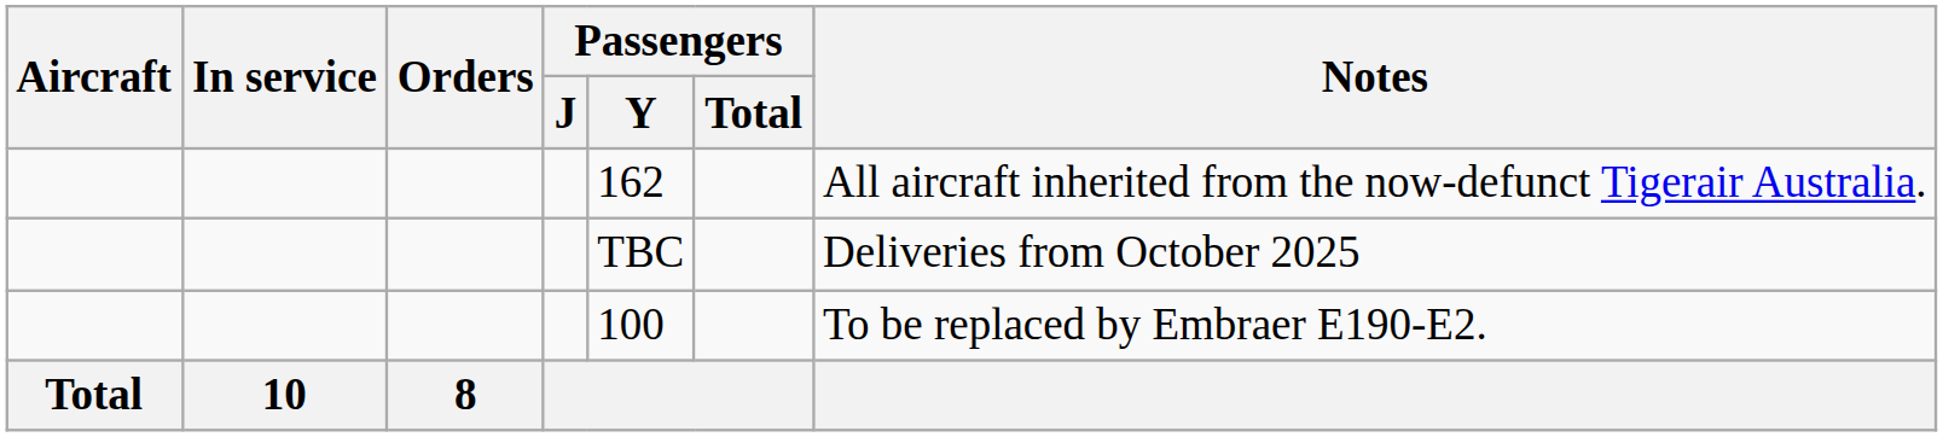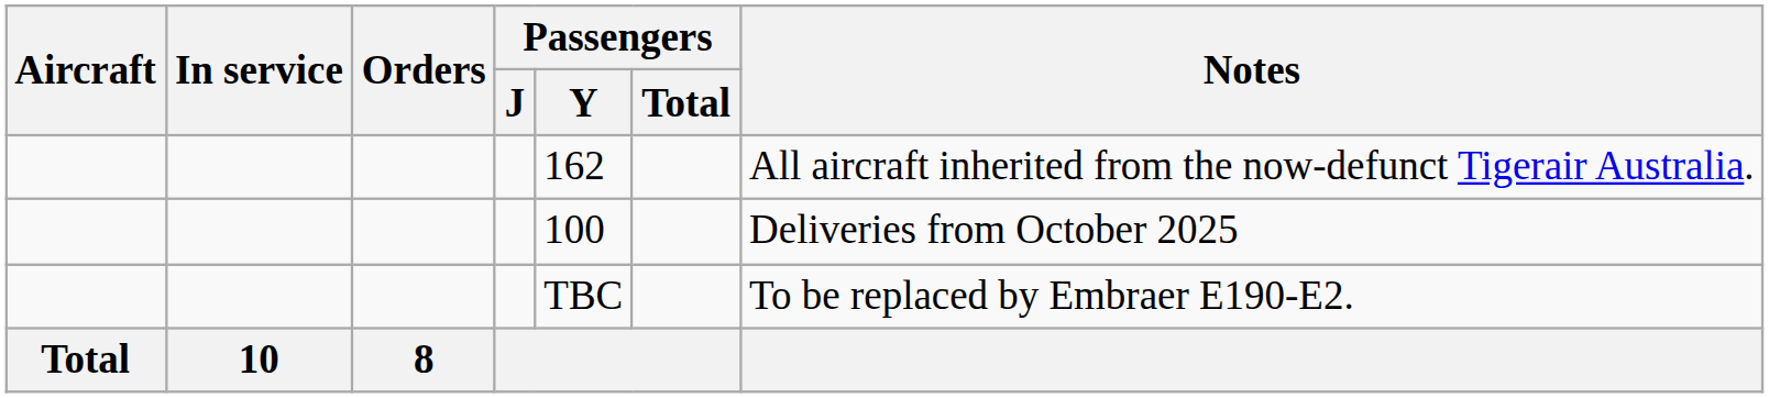 <table class="wikitable" style="margin:1em auto; border-collapse:collapse">
 <tr>
 <th rowspan="2">Aircraft</th>
 <th rowspan="2">In service</th>
 <th rowspan="2">Orders</th>
 <th colspan="3">Passengers</th>
 <th rowspan="2">Notes</th>
 </tr>
 <tr>
 <th>J</th>
 <th>Y</th>
 <th>Total</th>
 </tr>
 <tr>
 <td></td>
 <td></td>
 <td></td>
 <td></td>
 <td>162</td>
 <td></td>
 <td>All aircraft inherited from the now-defunct <a href='#'>Tigerair Australia</a>.</td>
 </tr>
 <tr>
 <td></td>
 <td></td>
 <td></td>
 <td></td>
-<td>TBC</td>
+<td>100</td>
 <td></td>
 <td>Deliveries from October 2025</td>
 </tr>
 <tr>
 <td></td>
 <td></td>
 <td></td>
 <td></td>
-<td>100</td>
+<td>TBC</td>
 <td></td>
 <td>To be replaced by Embraer E190-E2.</td>
 </tr>
 <tr>
 <th>Total</th>
 <th>10</th>
 <th>8</th>
 <th colspan="3"></th>
 <th></th>
 </tr>
 </table>
